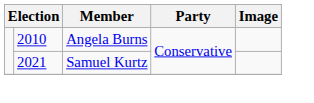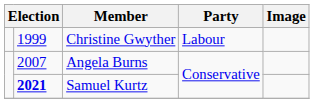 <table class="wikitable">
 <tr>
 <th colspan="2">Election</th>
 <th>Member</th>
 <th>Party</th>
 <th>Image</th>
 </tr>
 <tr>
+<td style="background-color: "></td>
+<td><a href='#'>1999</a></td>
+<td><a href='#'>Christine Gwyther</a></td>
+<td><a href='#'>Labour</a></td>
+<td></td>
+</tr>
+<tr>
 <td rowspan="2" style="background-color: "></td>
-<td><a href='#'>2010</a></td>
+<td><a href='#'>2007</a></td>
 <td><a href='#'>Angela Burns</a></td>
 <td rowspan="2"><a href='#'>Conservative</a></td>
 <td></td>
 </tr>
 <tr>
-<td><a href='#'>2021</a></td>
+<td><strong><a href='#'>2021</a></strong></td>
 <td><a href='#'>Samuel Kurtz</a></td>
 <td></td>
 </tr>
 <tr>
 </tr>
 </table>
